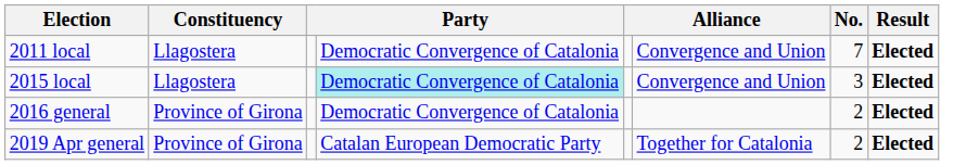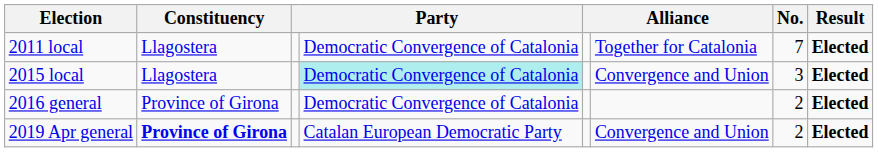 <table class="wikitable" style="text-align:left;">
 <tr>
 <th scope=col>Election</th>
 <th scope=col>Constituency</th>
 <th scope=col colspan="2">Party</th>
 <th scope=col colspan="2">Alliance</th>
 <th scope=col>No.</th>
 <th scope=col>Result</th>
 </tr>
 <tr>
 <td><a href='#'>2011 local</a></td>
 <td><a href='#'>Llagostera</a></td>
 <td style="background:"></td>
 <td><a href='#'>Democratic Convergence of Catalonia</a></td>
 <td style="background:"></td>
-<td><a href='#'>Convergence and Union</a></td>
+<td><a href='#'>Together for Catalonia</a></td>
 <td align=right>7</td>
 <td><strong>Elected</strong></td>
 </tr>
 <tr>
 <td><a href='#'>2015 local</a></td>
 <td><a href='#'>Llagostera</a></td>
 <td style="background:"></td>
 <td style="background: paleturquoise;"><a href='#'>Democratic Convergence of Catalonia</a></td>
 <td style="background:"></td>
 <td><a href='#'>Convergence and Union</a></td>
 <td align=right>3</td>
 <td><strong>Elected</strong></td>
 </tr>
 <tr>
 <td><a href='#'>2016 general</a></td>
 <td><a href='#'>Province of Girona</a></td>
 <td style="background:"></td>
 <td><a href='#'>Democratic Convergence of Catalonia</a></td>
 <td></td>
 <td></td>
 <td align=right>2</td>
 <td><strong>Elected</strong></td>
 </tr>
 <tr>
 <td><a href='#'>2019 Apr general</a></td>
-<td><a href='#'>Province of Girona</a></td>
+<td><strong><a href='#'>Province of Girona</a></strong></td>
 <td style="background:"></td>
 <td><a href='#'>Catalan European Democratic Party</a></td>
 <td style="background:"></td>
-<td><a href='#'>Together for Catalonia</a></td>
+<td><a href='#'>Convergence and Union</a></td>
 <td align=right>2</td>
 <td><strong>Elected</strong></td>
 </tr>
 </table>
